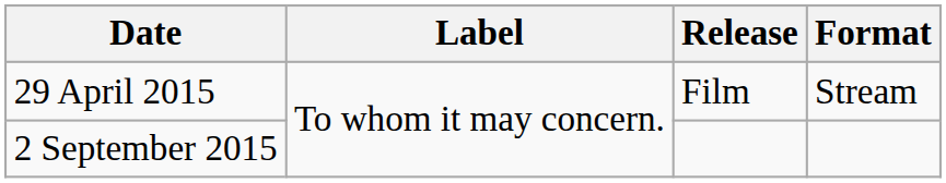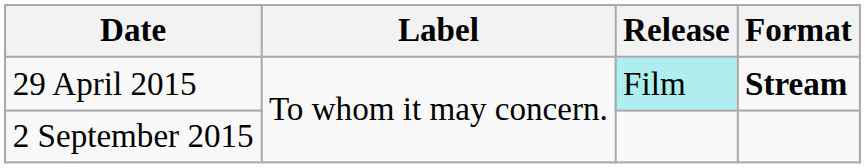 <table class="wikitable">
 <tr>
 <th>Date</th>
 <th>Label</th>
 <th>Release</th>
 <th>Format</th>
 </tr>
 <tr>
 <td>29 April 2015</td>
 <td rowspan="2">To whom it may concern.</td>
-<td>Film</td>
-<td>Stream</td>
+<td style="background: paleturquoise;">Film</td>
+<td><strong>Stream</strong></td>
 </tr>
 <tr>
 <td>2 September 2015</td>
 <td></td>
 <td></td>
 </tr>
 </table>
